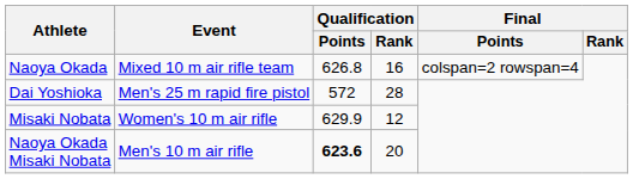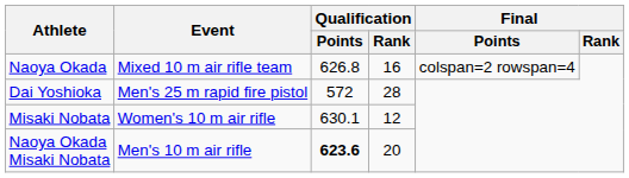 <table class="wikitable" style="font-size:90%">
 <tr>
 <th rowspan="2">Athlete</th>
 <th rowspan="2">Event</th>
 <th colspan=2>Qualification</th>
 <th colspan=2>Final</th>
 </tr>
 <tr style="font-size:95%">
 <th>Points</th>
 <th>Rank</th>
 <th>Points</th>
 <th>Rank</th>
 </tr>
 <tr align=center>
 <td align=left><a href='#'>Naoya Okada</a></td>
 <td align=left><a href='#'>Mixed 10 m air rifle team</a></td>
 <td>626.8</td>
 <td>16</td>
 <td>colspan=2 rowspan=4 </td>
 </tr>
 <tr align=center>
 <td align=left><a href='#'>Dai Yoshioka</a></td>
 <td align=left><a href='#'>Men's 25 m rapid fire pistol</a></td>
 <td>572</td>
 <td>28</td>
 </tr>
 <tr align=center>
 <td align=left><a href='#'>Misaki Nobata</a></td>
 <td align=left><a href='#'>Women's 10 m air rifle</a></td>
-<td>629.9</td>
+<td>630.1</td>
 <td>12</td>
 </tr>
 <tr align=center>
 <td align=left><a href='#'>Naoya Okada</a><br><a href='#'>Misaki Nobata</a></td>
 <td align=left><a href='#'>Men's 10 m air rifle</a></td>
 <td><strong>623.6</strong></td>
 <td>20</td>
 </tr>
 </table>
